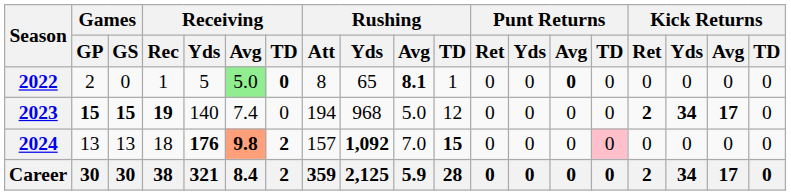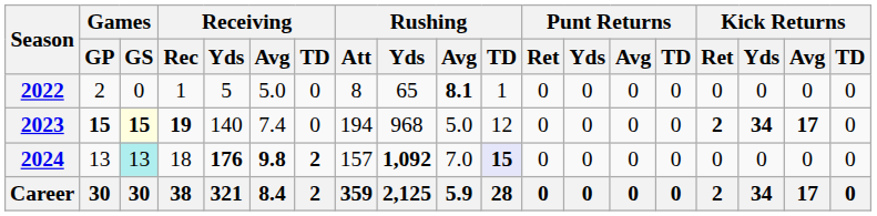 <table class="wikitable" style="text-align:center;">
 <tr>
 <th rowspan="2">Season</th>
 <th colspan="2">Games</th>
 <th colspan="4">Receiving</th>
 <th colspan="4">Rushing</th>
 <th colspan="4">Punt Returns</th>
 <th colspan="4">Kick Returns</th>
 </tr>
 <tr>
 <th>GP</th>
 <th>GS</th>
 <th>Rec</th>
 <th>Yds</th>
 <th>Avg</th>
 <th>TD</th>
 <th>Att</th>
 <th>Yds</th>
 <th>Avg</th>
 <th>TD</th>
 <th>Ret</th>
 <th>Yds</th>
 <th>Avg</th>
 <th>TD</th>
 <th>Ret</th>
 <th>Yds</th>
 <th>Avg</th>
 <th>TD</th>
 </tr>
 <tr>
 <th><a href='#'>2022</a></th>
 <td>2</td>
 <td>0</td>
 <td>1</td>
 <td>5</td>
-<td style="background: lightgreen;">5.0</td>
-<td><strong>0</strong></td>
+<td>5.0</td>
+<td>0</td>
 <td>8</td>
 <td>65</td>
 <td><strong>8.1</strong></td>
 <td>1</td>
 <td>0</td>
 <td>0</td>
-<td><strong>0</strong></td>
+<td>0</td>
 <td>0</td>
 <td>0</td>
 <td>0</td>
 <td>0</td>
 <td>0</td>
 </tr>
 <tr>
 <th><a href='#'>2023</a></th>
 <td><strong>15</strong></td>
-<td><strong>15</strong></td>
+<td style="background: lightyellow;"><strong>15</strong></td>
 <td><strong>19</strong></td>
 <td>140</td>
 <td>7.4</td>
 <td>0</td>
 <td>194</td>
 <td>968</td>
 <td>5.0</td>
 <td>12</td>
 <td>0</td>
 <td>0</td>
 <td>0</td>
 <td>0</td>
 <td><strong>2</strong></td>
 <td><strong>34</strong></td>
 <td><strong>17</strong></td>
 <td>0</td>
 </tr>
 <tr>
 <th><a href='#'>2024</a></th>
 <td>13</td>
-<td>13</td>
+<td style="background: paleturquoise;">13</td>
 <td>18</td>
 <td><strong>176</strong></td>
-<td style="background: lightsalmon;"><strong>9.8</strong></td>
+<td><strong>9.8</strong></td>
 <td><strong>2</strong></td>
 <td>157</td>
 <td><strong>1,092</strong></td>
 <td>7.0</td>
-<td><strong>15</strong></td>
+<td style="background: lavender;"><strong>15</strong></td>
 <td>0</td>
 <td>0</td>
 <td>0</td>
-<td style="background: pink;">0</td>
+<td>0</td>
 <td>0</td>
 <td>0</td>
 <td>0</td>
 <td>0</td>
 </tr>
 <tr>
 <th>Career</th>
 <th>30</th>
 <th>30</th>
 <th>38</th>
 <th>321</th>
 <th>8.4</th>
 <th>2</th>
 <th>359</th>
 <th>2,125</th>
 <th>5.9</th>
 <th>28</th>
 <th>0</th>
 <th>0</th>
 <th>0</th>
 <th>0</th>
 <th>2</th>
 <th>34</th>
 <th>17</th>
 <th>0</th>
 </tr>
 </table>
